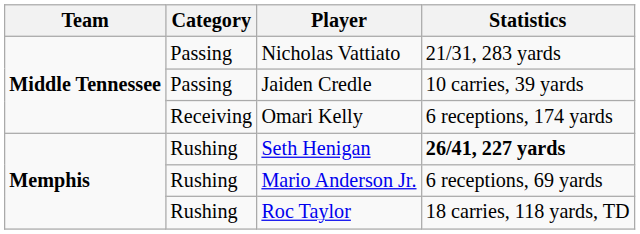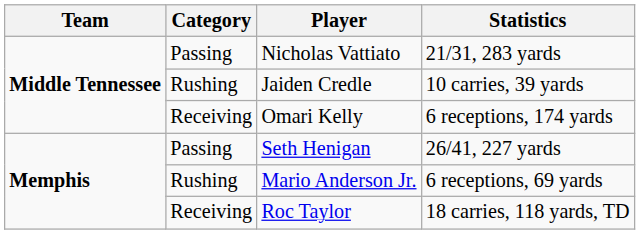 <table class="wikitable" style="float: left;">
 <tr>
 <th>Team</th>
 <th>Category</th>
 <th>Player</th>
 <th>Statistics</th>
 </tr>
 <tr>
 <td rowspan=3><strong>Middle Tennessee</strong></td>
 <td>Passing</td>
 <td>Nicholas Vattiato</td>
 <td>21/31, 283 yards</td>
 </tr>
 <tr>
-<td>Passing</td>
+<td>Rushing</td>
 <td>Jaiden Credle</td>
 <td>10 carries, 39 yards</td>
 </tr>
 <tr>
 <td>Receiving</td>
 <td>Omari Kelly</td>
 <td>6 receptions, 174 yards</td>
 </tr>
 <tr>
 <td rowspan=3><strong>Memphis</strong></td>
-<td>Rushing</td>
+<td>Passing</td>
 <td><a href='#'>Seth Henigan</a></td>
-<td><strong>26/41, 227 yards</strong></td>
+<td>26/41, 227 yards</td>
 </tr>
 <tr>
 <td>Rushing</td>
 <td><a href='#'>Mario Anderson Jr.</a></td>
 <td>6 receptions, 69 yards</td>
 </tr>
 <tr>
-<td>Rushing</td>
+<td>Receiving</td>
 <td><a href='#'>Roc Taylor</a></td>
 <td>18 carries, 118 yards, TD</td>
 </tr>
 </table>
